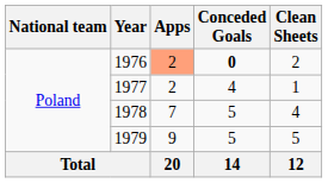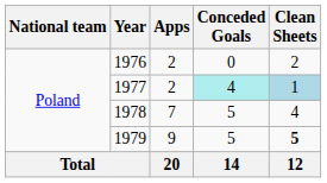 <table class="wikitable" style="text-align:center">
 <tr>
 <th>National team</th>
 <th>Year</th>
 <th>Apps</th>
 <th>Conceded<br>Goals</th>
 <th>Clean<br>Sheets</th>
 </tr>
 <tr>
 <td rowspan="4" style="vertical-align:center;"><a href='#'>Poland</a></td>
 <td>1976</td>
-<td style="background: lightsalmon;">2</td>
-<td><strong>0</strong></td>
+<td>2</td>
+<td>0</td>
 <td>2</td>
 </tr>
 <tr>
 <td>1977</td>
 <td>2</td>
-<td>4</td>
-<td>1</td>
+<td style="background: paleturquoise;">4</td>
+<td style="background: lightblue;">1</td>
 </tr>
 <tr>
 <td>1978</td>
 <td>7</td>
 <td>5</td>
 <td>4</td>
 </tr>
 <tr>
 <td>1979</td>
 <td>9</td>
 <td>5</td>
-<td>5</td>
+<td><strong>5</strong></td>
 </tr>
 <tr>
 <th colspan="2">Total</th>
 <th>20</th>
 <th>14</th>
 <th>12</th>
 </tr>
 </table>
